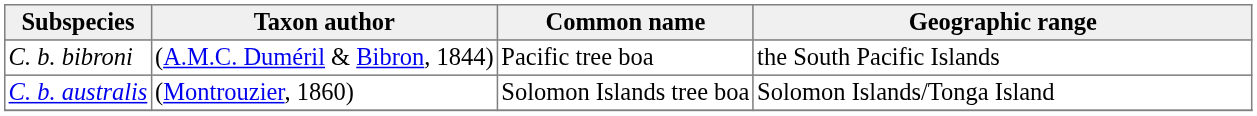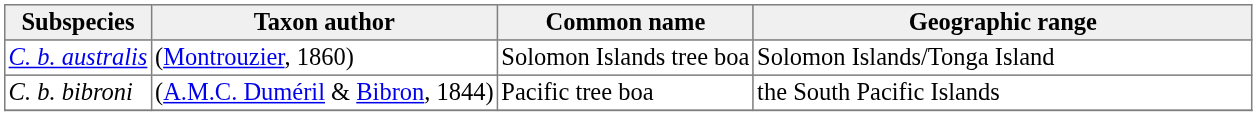 <table cellspacing=0 cellpadding=2 border=1 style="border-collapse: collapse;">
 <tr>
 <th bgcolor="#f0f0f0">Subspecies</th>
 <th bgcolor="#f0f0f0">Taxon author</th>
 <th bgcolor="#f0f0f0">Common name</th>
 <th bgcolor="#f0f0f0">Geographic range</th>
 </tr>
 <tr>
+<td><em><a href='#'>C. b. australis</a></em></td>
+<td>(<a href='#'>Montrouzier</a>, 1860)</td>
+<td>Solomon Islands tree boa</td>
+<td style="width:40%">Solomon Islands/Tonga Island</td>
+</tr>
+<tr>
 <td><em>C. b. bibroni</em></td>
 <td>(<a href='#'>A.M.C. Duméril</a> & <a href='#'>Bibron</a>, 1844)</td>
 <td>Pacific tree boa</td>
 <td>the South Pacific Islands</td>
 </tr>
 <tr>
-<td><em><a href='#'>C. b. australis</a></em></td>
-<td>(<a href='#'>Montrouzier</a>, 1860)</td>
-<td>Solomon Islands tree boa</td>
-<td style="width:40%">Solomon Islands/Tonga Island</td>
-</tr>
-<tr>
 </tr>
 </table>
